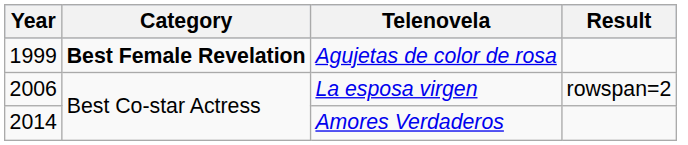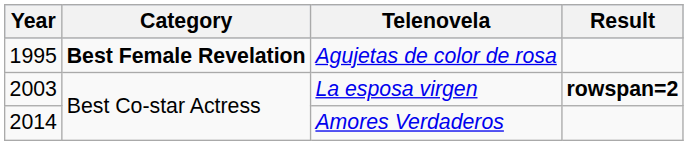 <table class="wikitable">
 <tr style="background:#b0c4de;">
 <th>Year</th>
 <th>Category</th>
 <th>Telenovela</th>
 <th>Result</th>
 </tr>
 <tr>
-<td>1999</td>
+<td>1995</td>
 <td><strong>Best Female Revelation</strong></td>
 <td><em><a href='#'>Agujetas de color de rosa</a></em></td>
 <td></td>
 </tr>
 <tr>
-<td>2006</td>
+<td>2003</td>
 <td rowspan=2>Best Co-star Actress</td>
 <td><em><a href='#'>La esposa virgen</a></em></td>
-<td>rowspan=2 </td>
+<td><strong>rowspan=2 </strong></td>
 </tr>
 <tr>
 <td>2014</td>
 <td><em><a href='#'>Amores Verdaderos</a></em></td>
 </tr>
 </table>
